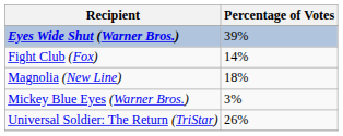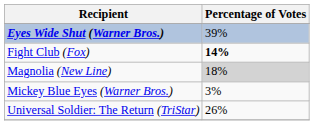 <table class="wikitable sortable plainrowheaders" align="centre">
 <tr>
 <th>Recipient</th>
 <th>Percentage of Votes</th>
 </tr>
 <tr>
 </tr>
 <tr style="background:#B0C4DE;">
 <td><strong><em><a href='#'>Eyes Wide Shut</a><em> (<a href='#'>Warner Bros.</a>)<strong></td>
 <td></strong>39%<strong></td>
 </tr>
 <tr>
 <td></em><a href='#'>Fight Club</a><em> (<a href='#'>Fox</a>)</td>
-<td>14%</td>
+<td><strong>14%</strong></td>
 </tr>
 <tr>
 <td></em><a href='#'>Magnolia</a><em> (<a href='#'>New Line</a>)</td>
-<td>18%</td>
+<td style="background: lightgrey;">18%</td>
 </tr>
 <tr>
 <td></em><a href='#'>Mickey Blue Eyes</a><em> (<a href='#'>Warner Bros.</a>)</td>
 <td>3%</td>
 </tr>
 <tr>
 <td></em><a href='#'>Universal Soldier: The Return</a><em> (<a href='#'>TriStar</a>)</td>
 <td>26%</td>
 </tr>
 <tr>
 </tr>
 </table>
